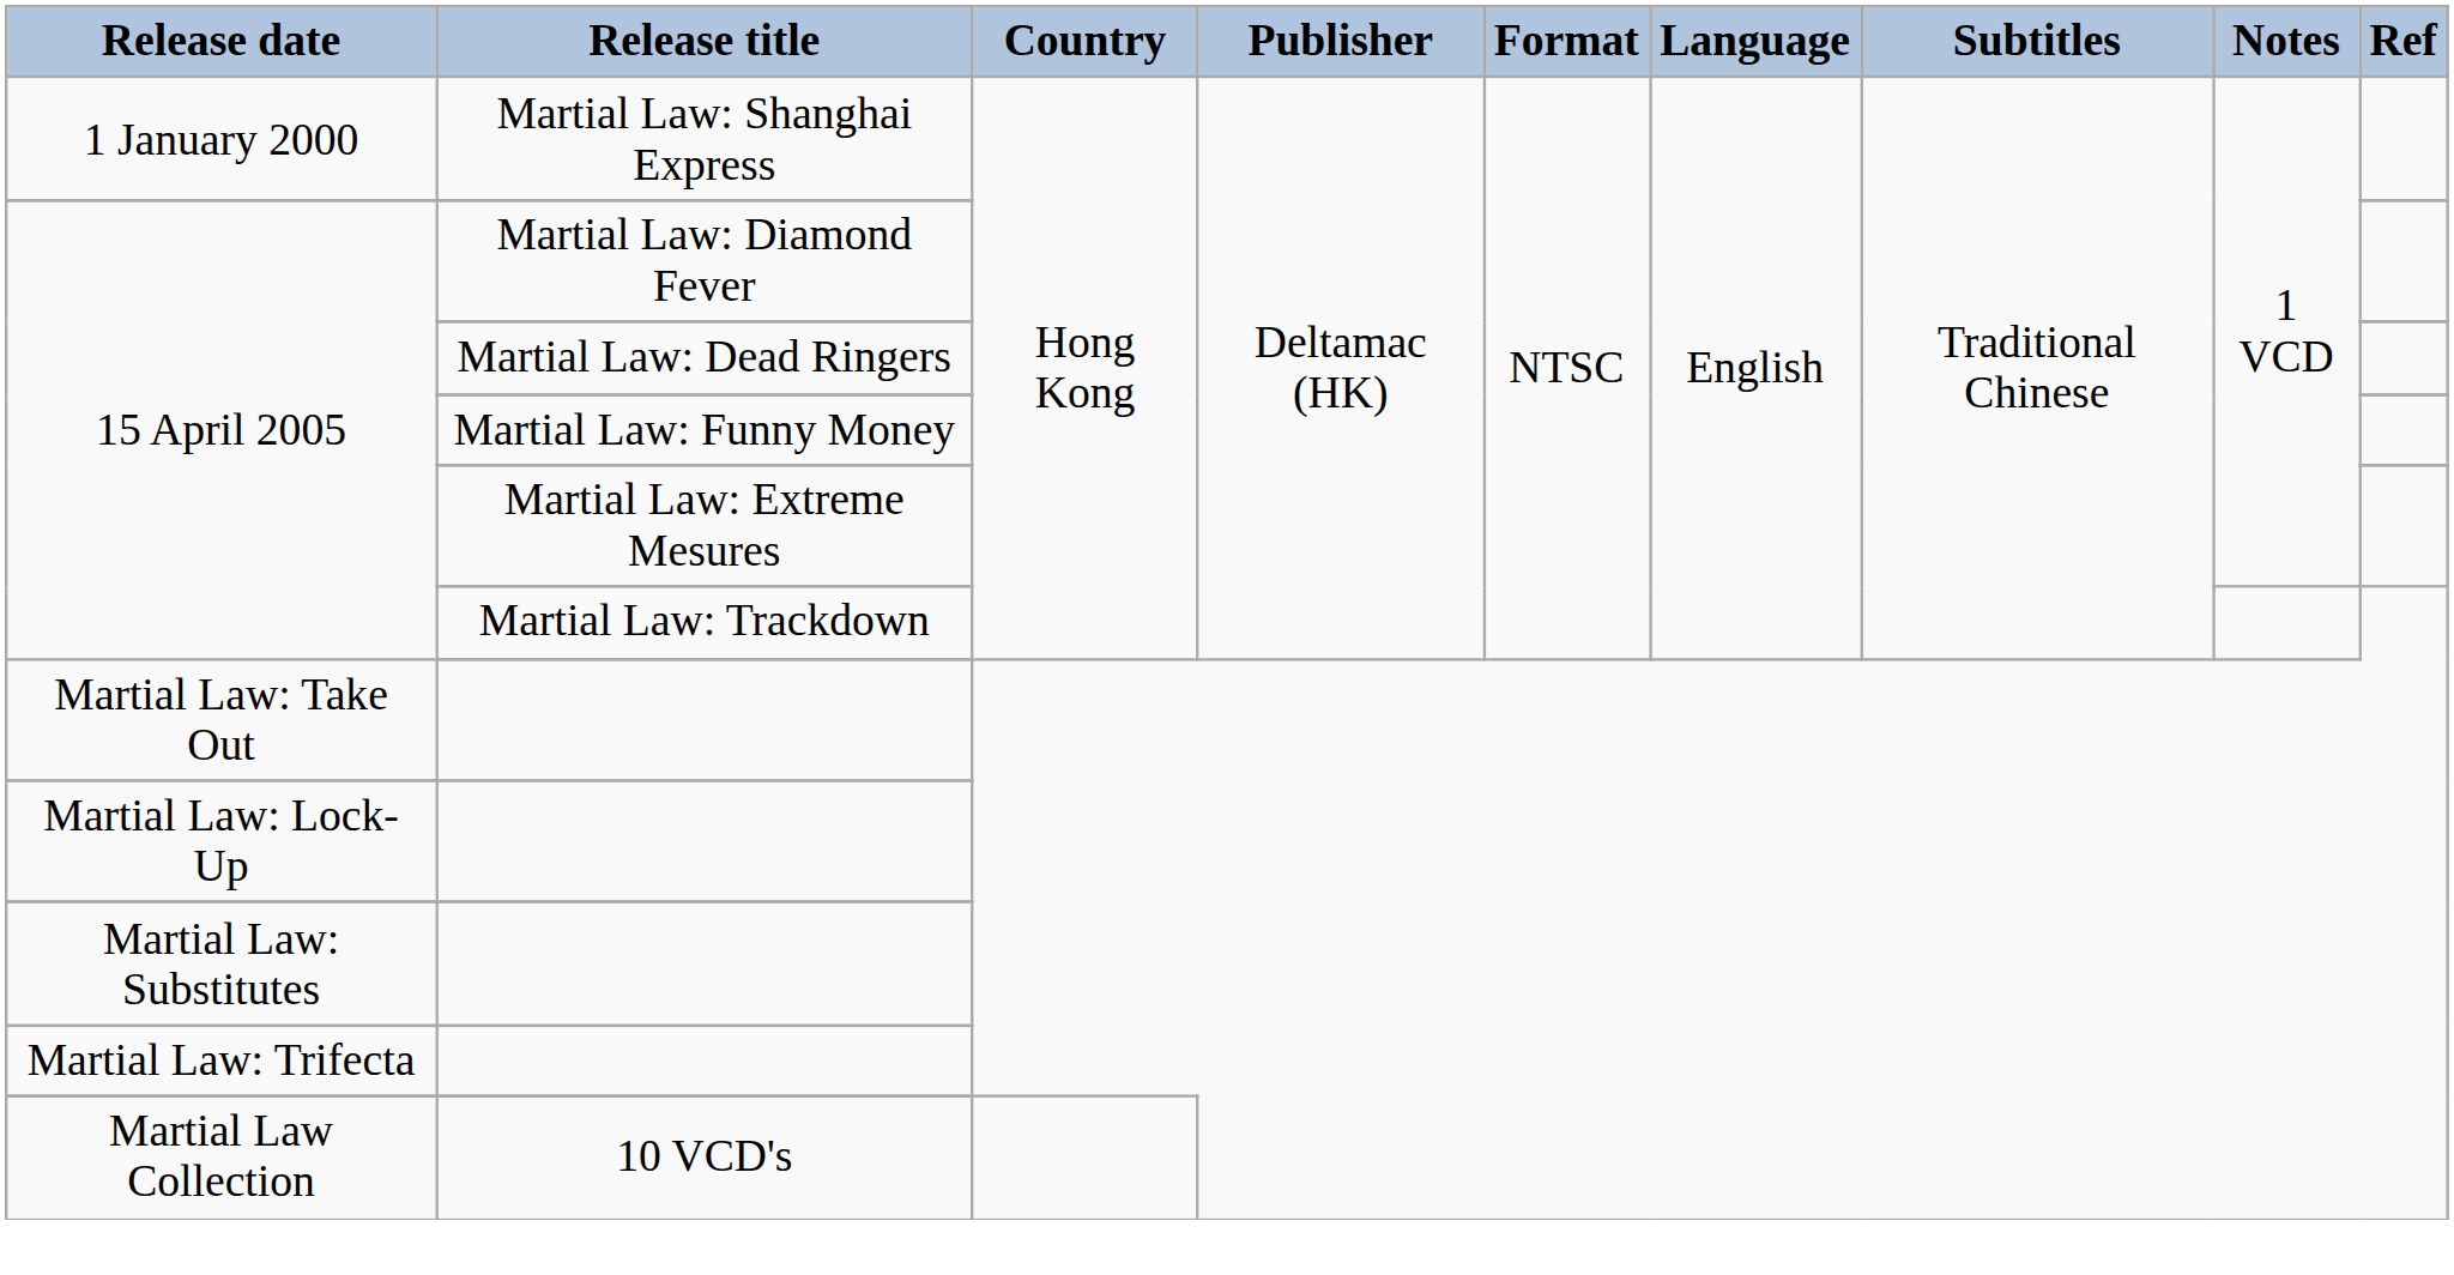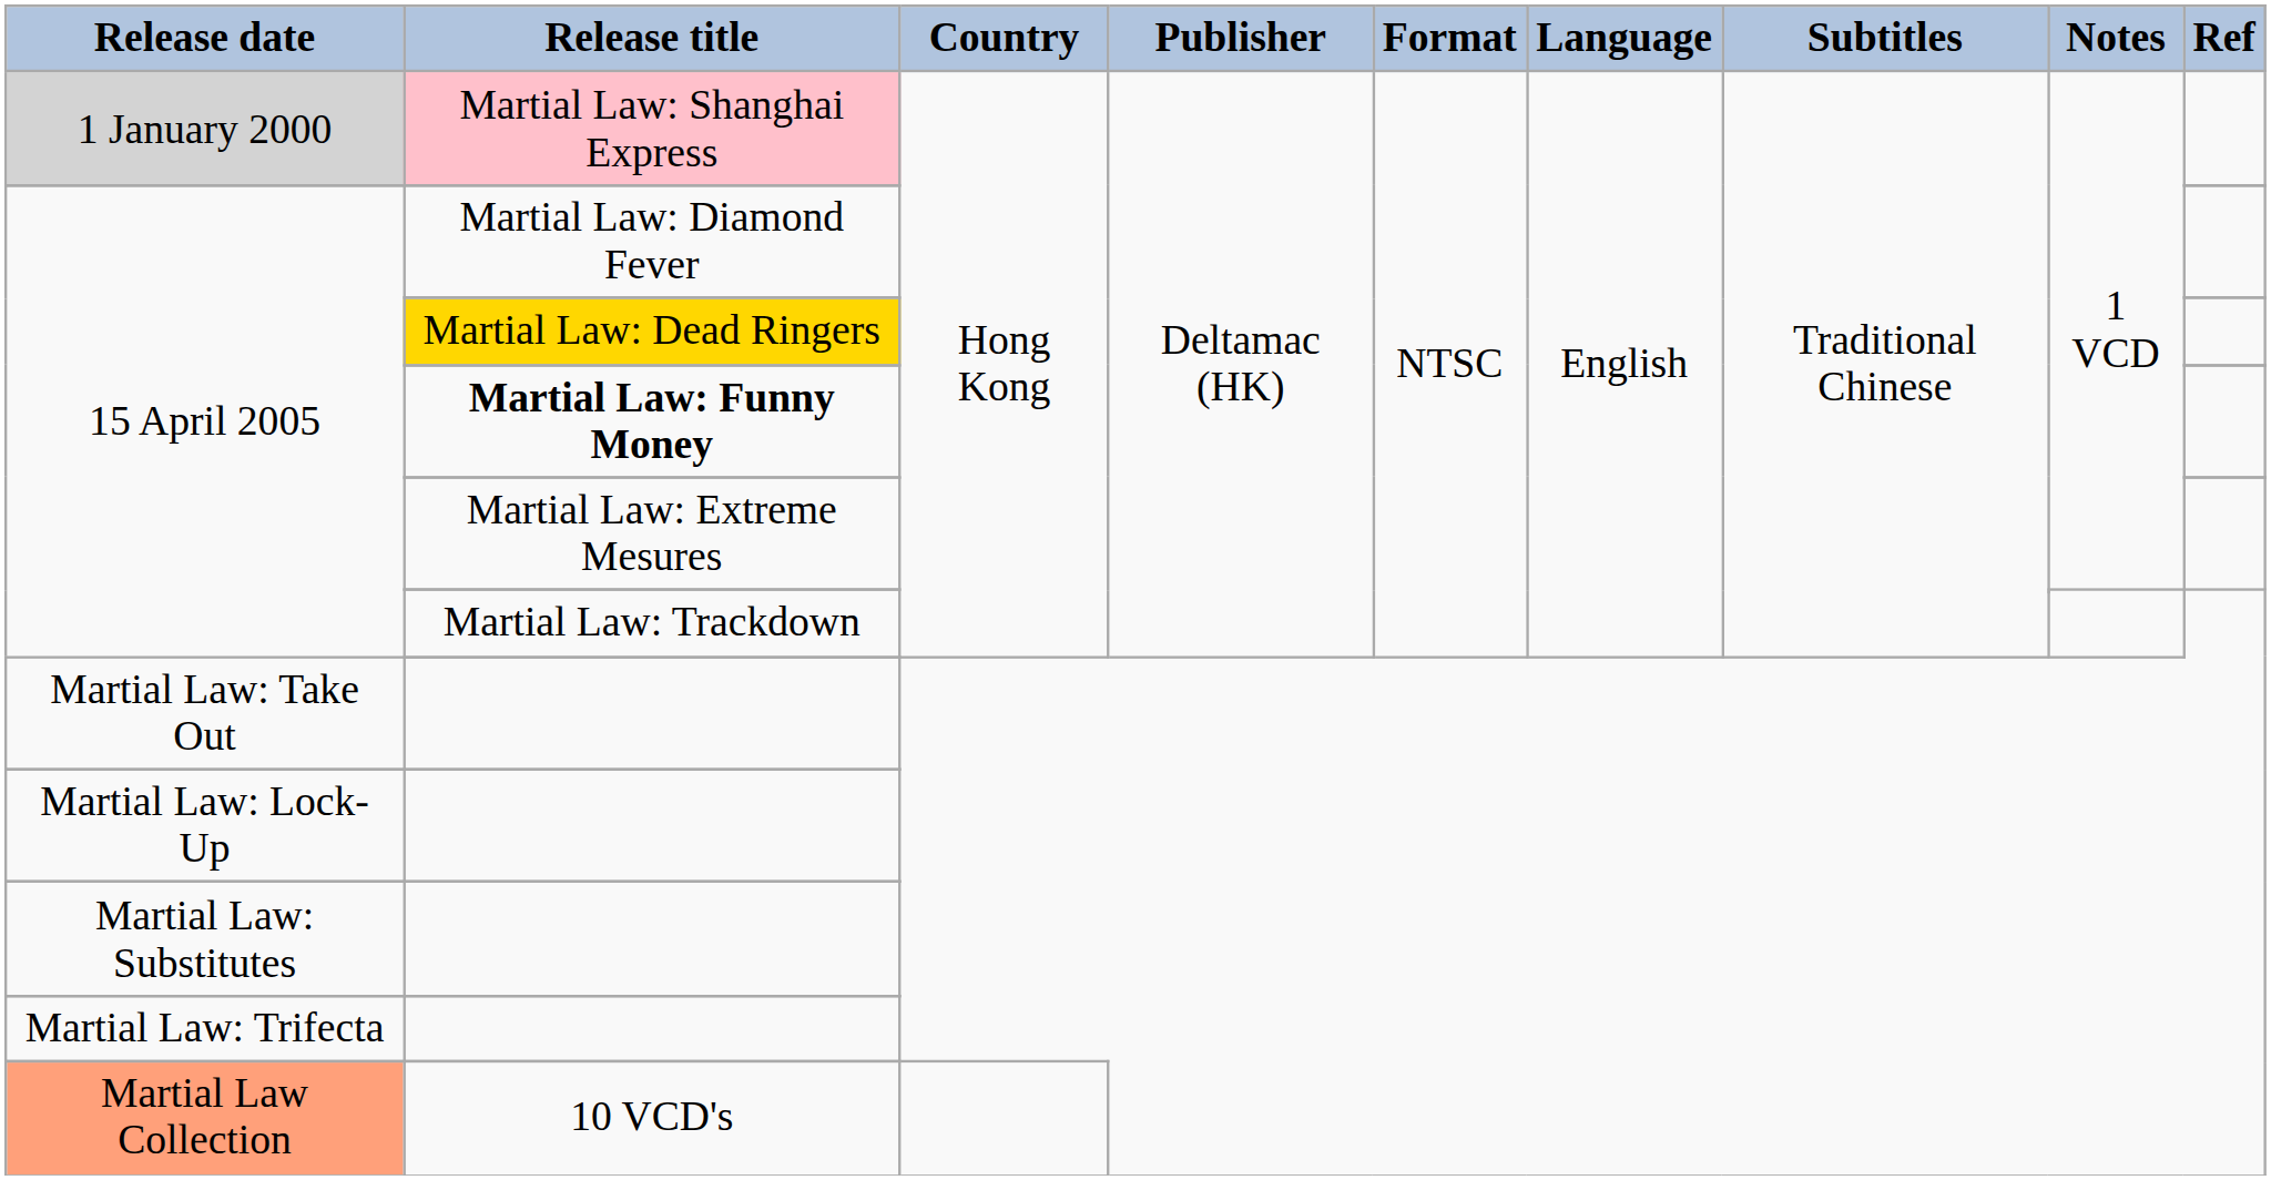 <table class="wikitable">
 <tr>
 <th style="background:#B0C4DE;">Release date<br></th>
 <th style="background:#B0C4DE;">Release title<br></th>
 <th style="background:#B0C4DE;">Country<br></th>
 <th style="background:#B0C4DE;">Publisher<br></th>
 <th style="background:#B0C4DE;">Format<br></th>
 <th style="background:#B0C4DE;">Language</th>
 <th style="background:#B0C4DE;">Subtitles</th>
 <th style="background:#B0C4DE;">Notes<br></th>
 <th style="background:#B0C4DE;">Ref</th>
 </tr>
 <tr style="text-align:center;">
-<td>1 January 2000</td>
-<td>Martial Law: Shanghai Express</td>
+<td style="background: lightgrey;">1 January 2000</td>
+<td style="background: pink;">Martial Law: Shanghai Express</td>
 <td rowspan="11">Hong Kong</td>
 <td rowspan="11">Deltamac (HK)</td>
 <td rowspan="11">NTSC</td>
 <td rowspan="11">English</td>
 <td rowspan="11">Traditional Chinese</td>
 <td rowspan="10">1 VCD</td>
 <td></td>
 </tr>
 <tr>
 </tr>
 <tr style="text-align:center;">
 <td rowspan="10">15 April 2005</td>
 <td>Martial Law: Diamond Fever</td>
 <td></td>
 </tr>
 <tr>
 </tr>
 <tr style="text-align:center;">
-<td>Martial Law: Dead Ringers</td>
+<td style="background: gold;">Martial Law: Dead Ringers</td>
 <td></td>
 </tr>
 <tr>
 </tr>
 <tr style="text-align:center;">
-<td>Martial Law: Funny Money</td>
+<td><strong>Martial Law: Funny Money</strong></td>
 <td></td>
 </tr>
 <tr>
 </tr>
 <tr style="text-align:center;">
 <td>Martial Law: Extreme Mesures</td>
 <td></td>
 </tr>
 <tr>
 </tr>
 <tr style="text-align:center;">
 <td>Martial Law: Trackdown</td>
 <td></td>
 </tr>
 <tr>
 </tr>
 <tr style="text-align:center;">
 <td>Martial Law: Take Out</td>
 <td></td>
 </tr>
 <tr>
 </tr>
 <tr style="text-align:center;">
 <td>Martial Law: Lock-Up</td>
 <td></td>
 </tr>
 <tr>
 </tr>
 <tr style="text-align:center;">
 <td>Martial Law: Substitutes</td>
 <td></td>
 </tr>
 <tr>
 </tr>
 <tr style="text-align:center;">
 <td>Martial Law: Trifecta</td>
 <td></td>
 </tr>
 <tr>
 </tr>
 <tr style="text-align:center;">
-<td>Martial Law Collection</td>
+<td style="background: lightsalmon;">Martial Law Collection</td>
 <td>10 VCD's</td>
 <td></td>
 </tr>
 </table>
